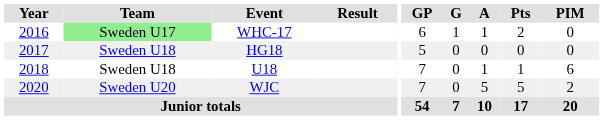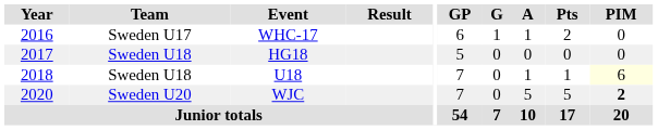 <table border="0" cellpadding="1" cellspacing="0" ID="Table3" style="text-align:center; width:40em">
 <tr bgcolor="#e0e0e0">
 <th>Year</th>
 <th>Team</th>
 <th>Event</th>
 <th>Result</th>
 <th rowspan="99" bgcolor="#ffffff"></th>
 <th>GP</th>
 <th>G</th>
 <th>A</th>
 <th>Pts</th>
 <th>PIM</th>
 </tr>
 <tr>
 <td><a href='#'>2016</a></td>
-<td style="background: lightgreen;">Sweden U17</td>
+<td>Sweden U17</td>
 <td><a href='#'>WHC-17</a></td>
 <td></td>
 <td>6</td>
 <td>1</td>
 <td>1</td>
 <td>2</td>
 <td>0</td>
 </tr>
 <tr bgcolor="#f0f0f0">
 <td><a href='#'>2017</a></td>
 <td><a href='#'>Sweden U18</a></td>
 <td><a href='#'>HG18</a></td>
 <td></td>
 <td>5</td>
 <td>0</td>
 <td>0</td>
 <td>0</td>
 <td>0</td>
 </tr>
 <tr>
 <td><a href='#'>2018</a></td>
 <td>Sweden U18</td>
 <td><a href='#'>U18</a></td>
 <td></td>
 <td>7</td>
 <td>0</td>
 <td>1</td>
 <td>1</td>
-<td>6</td>
+<td style="background: lightyellow;">6</td>
 </tr>
 <tr bgcolor="#f0f0f0">
 <td><a href='#'>2020</a></td>
 <td><a href='#'>Sweden U20</a></td>
 <td><a href='#'>WJC</a></td>
 <td></td>
 <td>7</td>
 <td>0</td>
 <td>5</td>
 <td>5</td>
-<td>2</td>
+<td><strong>2</strong></td>
 </tr>
 <tr bgcolor="#e0e0e0">
 <th colspan="4">Junior totals</th>
 <th>54</th>
 <th>7</th>
 <th>10</th>
 <th>17</th>
 <th>20</th>
 </tr>
 </table>
